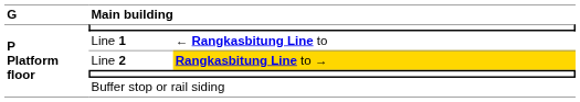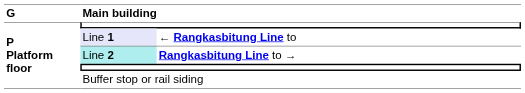 <table cellspacing=0 cellpadding=3>
 <tr>
 <td width=100 style="border-top:solid 1px gray;"><strong>G</strong></td>
 <td width=600 style="border-top:solid 1px gray;" colspan="2"><strong>Main building</strong></td>
 </tr>
 <tr>
 <td rowspan="5" style="border-top:solid 1px gray; border-bottom:solid 1px gray" width="75"><strong>P<br>Platform floor</strong></td>
 <td colspan="2" style="border-top:solid 1px gray;border-right:solid 2px black;border-left:solid 2px black;border-bottom:solid 2px black;text-align:center;"></td>
 </tr>
 <tr>
-<td width=100>Line <strong>1</strong></td>
+<td width=100 style="background: lavender;">Line <strong>1</strong></td>
 <td width=500>←   <strong><a href='#'>Rangkasbitung Line</a></strong> to </td>
 </tr>
 <tr>
-<td style="border-top:solid 1px gray;" width="100">Line <strong>2</strong></td>
-<td style="background: gold; border-top:solid 1px gray;" width="100"> <strong><a href='#'>Rangkasbitung Line</a></strong> to   →</td>
+<td style="background: paleturquoise; border-top:solid 1px gray;" width="100">Line <strong>2</strong></td>
+<td style="border-top:solid 1px gray;" width="100"> <strong><a href='#'>Rangkasbitung Line</a></strong> to   →</td>
 </tr>
 <tr>
 <td colspan="2" style="border-top:solid 2px black;border-right:solid 2px black;border-left:solid 2px black;border-bottom:solid 2px black;text-align:center;"></td>
 </tr>
 <tr>
 <td style="border-bottom:solid 1px gray;" colspan=2>Buffer stop or rail siding</td>
 </tr>
 </table>
